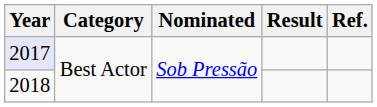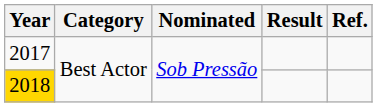 <table class="wikitable">
 <tr>
 <th>Year</th>
 <th>Category</th>
 <th>Nominated</th>
 <th>Result</th>
 <th>Ref.</th>
 </tr>
 <tr>
-<td style="background: lavender;">2017</td>
+<td>2017</td>
 <td rowspan=2>Best Actor</td>
 <td rowspan=2 style="text-align:center;"><em><a href='#'>Sob Pressão</a></em></td>
 <td></td>
 <td></td>
 </tr>
 <tr>
-<td>2018</td>
+<td style="background: gold;">2018</td>
 <td></td>
 <td></td>
 </tr>
 </table>
